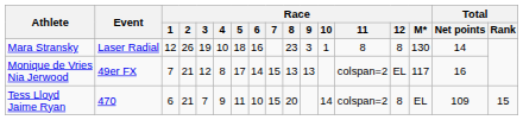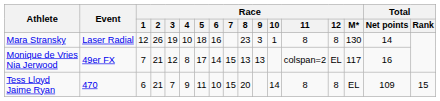 <table class=wikitable style=font-size:90%;text-align:center>
 <tr>
 <th rowspan=2>Athlete</th>
 <th rowspan=2>Event</th>
 <th colspan=13>Race</th>
 <th colspan=2>Total</th>
 </tr>
 <tr style=font-size:95%>
 <th>1</th>
 <th>2</th>
 <th>3</th>
 <th>4</th>
 <th>5</th>
 <th>6</th>
 <th>7</th>
 <th>8</th>
 <th>9</th>
 <th>10</th>
 <th>11</th>
 <th>12</th>
 <th>M*</th>
 <th>Net points</th>
 <th>Rank</th>
 </tr>
 <tr>
 <td align=left><a href='#'>Mara Stransky</a></td>
 <td align=left><a href='#'>Laser Radial</a></td>
 <td>12</td>
 <td>26</td>
 <td>19</td>
 <td>10</td>
 <td>18</td>
 <td>16</td>
 <td></td>
 <td>23</td>
 <td>3</td>
 <td>1</td>
 <td>8</td>
 <td>8</td>
 <td>130</td>
 <td>14</td>
 </tr>
 <tr>
 <td align=left><a href='#'>Monique de Vries</a><br><a href='#'>Nia Jerwood</a></td>
 <td align=left><a href='#'>49er FX</a></td>
 <td>7</td>
 <td>21</td>
 <td>12</td>
 <td>8</td>
 <td>17</td>
 <td>14</td>
 <td>15</td>
 <td>13</td>
 <td>13</td>
 <td></td>
 <td>colspan=2 </td>
 <td>EL</td>
 <td>117</td>
 <td>16</td>
 </tr>
 <tr>
 <td align=left><a href='#'>Tess Lloyd</a><br><a href='#'>Jaime Ryan</a></td>
 <td align=left><a href='#'>470</a></td>
 <td>6</td>
 <td>21</td>
 <td>7</td>
 <td>9</td>
 <td>11</td>
 <td>10</td>
 <td>15</td>
 <td>20</td>
 <td></td>
 <td>14</td>
-<td>colspan=2 </td>
+<td>8</td>
 <td>8</td>
 <td>EL</td>
 <td>109</td>
 <td>15</td>
 </tr>
 </table>
